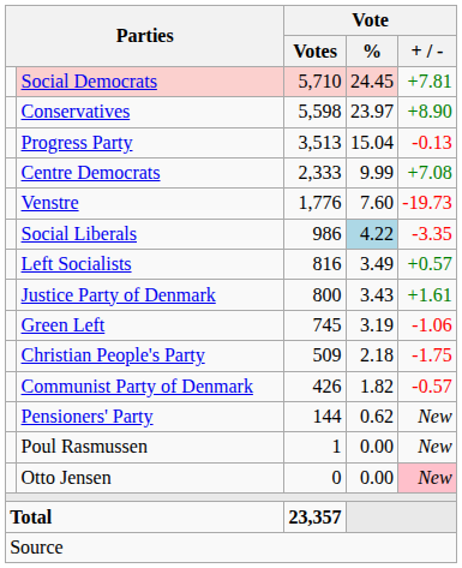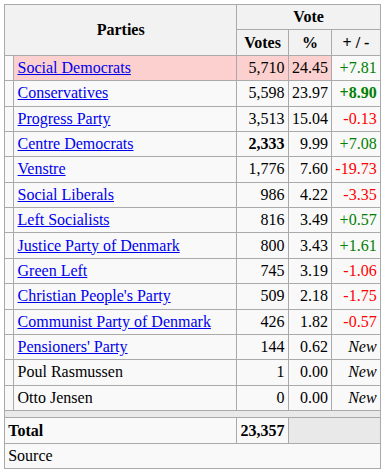 <table class="wikitable" style="text-align:right;">
 <tr>
 <th style="text-align:centre;" rowspan="2" colspan="2" width="225">Parties</th>
 <th colspan="3">Vote</th>
 </tr>
 <tr>
 <th width="15">Votes</th>
 <th width="15">%</th>
 <th width="15">+ / -</th>
 </tr>
 <tr>
 <td width="2" style="color:inherit;background:"></td>
 <td bgcolor=#fbd0ce  align="left"><a href='#'>Social Democrats</a></td>
 <td bgcolor=#fbd0ce>5,710</td>
 <td bgcolor=#fbd0ce>24.45</td>
 <td style=color:green;>+7.81</td>
 </tr>
 <tr>
 <td width="2" style="color:inherit;background:"></td>
 <td align="left"><a href='#'>Conservatives</a></td>
 <td>5,598</td>
 <td>23.97</td>
-<td style=color:green;>+8.90</td>
+<td style=color:green;><strong>+8.90</strong></td>
 </tr>
 <tr>
 <td width="2" style="color:inherit;background:"></td>
 <td align="left"><a href='#'>Progress Party</a></td>
 <td>3,513</td>
 <td>15.04</td>
 <td style=color:red;>-0.13</td>
 </tr>
 <tr>
 <td width="2" style="color:inherit;background:"></td>
 <td align="left"><a href='#'>Centre Democrats</a></td>
-<td>2,333</td>
+<td><strong>2,333</strong></td>
 <td>9.99</td>
 <td style=color:green;>+7.08</td>
 </tr>
 <tr>
 <td width="2" style="color:inherit;background:"></td>
 <td align="left"><a href='#'>Venstre</a></td>
 <td>1,776</td>
 <td>7.60</td>
 <td style=color:red;>-19.73</td>
 </tr>
 <tr>
 <td width="2" style="color:inherit;background:"></td>
 <td align="left"><a href='#'>Social Liberals</a></td>
 <td>986</td>
-<td style="background: lightblue;">4.22</td>
+<td>4.22</td>
 <td style=color:red;>-3.35</td>
 </tr>
 <tr>
 <td width="2" style="color:inherit;background:"></td>
 <td align="left"><a href='#'>Left Socialists</a></td>
 <td>816</td>
 <td>3.49</td>
 <td style=color:green;>+0.57</td>
 </tr>
 <tr>
 <td width="2" style="color:inherit;background:"></td>
 <td align="left"><a href='#'>Justice Party of Denmark</a></td>
 <td>800</td>
 <td>3.43</td>
 <td style=color:green;>+1.61</td>
 </tr>
 <tr>
 <td width="2" style="color:inherit;background:"></td>
 <td align="left"><a href='#'>Green Left</a></td>
 <td>745</td>
 <td>3.19</td>
 <td style=color:red;>-1.06</td>
 </tr>
 <tr>
 <td width="2" style="color:inherit;background:"></td>
 <td align="left"><a href='#'>Christian People's Party</a></td>
 <td>509</td>
 <td>2.18</td>
 <td style=color:red;>-1.75</td>
 </tr>
 <tr>
 <td width="2" style="color:inherit;background:"></td>
 <td align="left"><a href='#'>Communist Party of Denmark</a></td>
 <td>426</td>
 <td>1.82</td>
 <td style=color:red;>-0.57</td>
 </tr>
 <tr>
 <td width="2" style="color:inherit;background:"></td>
 <td align="left"><a href='#'>Pensioners' Party</a></td>
 <td>144</td>
 <td>0.62</td>
 <td><em>New</em></td>
 </tr>
 <tr>
 <td width="2" style="color:inherit;background:"></td>
 <td align="left">Poul Rasmussen</td>
 <td>1</td>
 <td>0.00</td>
 <td><em>New</em></td>
 </tr>
 <tr>
 <td width="2" style="color:inherit;background:"></td>
 <td align="left">Otto Jensen</td>
 <td>0</td>
 <td>0.00</td>
-<td style="background: pink;"><em>New</em></td>
+<td><em>New</em></td>
 </tr>
 <tr>
 <td colspan="7" bgcolor="#E9E9E9"></td>
 </tr>
 <tr>
 <td align="left" colspan="2"><strong>Total</strong></td>
 <td><strong>23,357</strong></td>
 <td bgcolor="#E9E9E9" colspan="2"></td>
 </tr>
 <tr>
 <td align="left" colspan="6">Source</td>
 </tr>
 </table>
